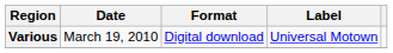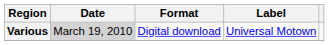 <table class="wikitable plainrowheaders">
 <tr>
 <th scope="col">Region</th>
 <th scope="col">Date</th>
 <th scope="col">Format</th>
 <th scope="col">Label</th>
 <th scope="col"></th>
 </tr>
 <tr>
 <th scope="row">Various</th>
-<td>March 19, 2010</td>
+<td style="background: lightgrey;">March 19, 2010</td>
 <td><a href='#'>Digital download</a></td>
 <td><a href='#'>Universal Motown</a></td>
 <td align="center"></td>
 </tr>
 <tr>
 </tr>
 </table>
